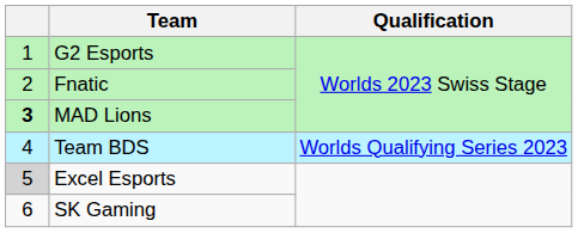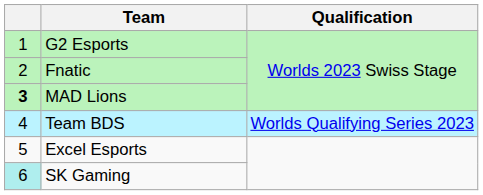 <table class="wikitable" style="text-align:center">
 <tr>
 <th width=28></th>
 <th width=190>Team</th>
 <th>Qualification</th>
 </tr>
 <tr style="background-color:#BBF3BB;">
 <td>1</td>
 <td style="text-align:left">G2 Esports</td>
 <td rowspan="3"><a href='#'>Worlds 2023</a> Swiss Stage</td>
 </tr>
 <tr style="background-color:#BBF3BB;">
 <td>2</td>
 <td style="text-align:left">Fnatic</td>
 </tr>
 <tr style="background-color:#BBF3BB;">
 <td><strong>3</strong></td>
 <td style="text-align:left">MAD Lions</td>
 </tr>
 <tr style="background-color:#BBF3FF;">
 <td>4</td>
 <td style="text-align:left">Team BDS</td>
 <td><a href='#'>Worlds Qualifying Series 2023</a></td>
 </tr>
 <tr>
-<td style="background: lightgrey;">5</td>
+<td>5</td>
 <td style="text-align:left">Excel Esports</td>
 </tr>
 <tr>
-<td>6</td>
+<td style="background: paleturquoise;">6</td>
 <td style="text-align:left">SK Gaming</td>
 </tr>
 </table>
